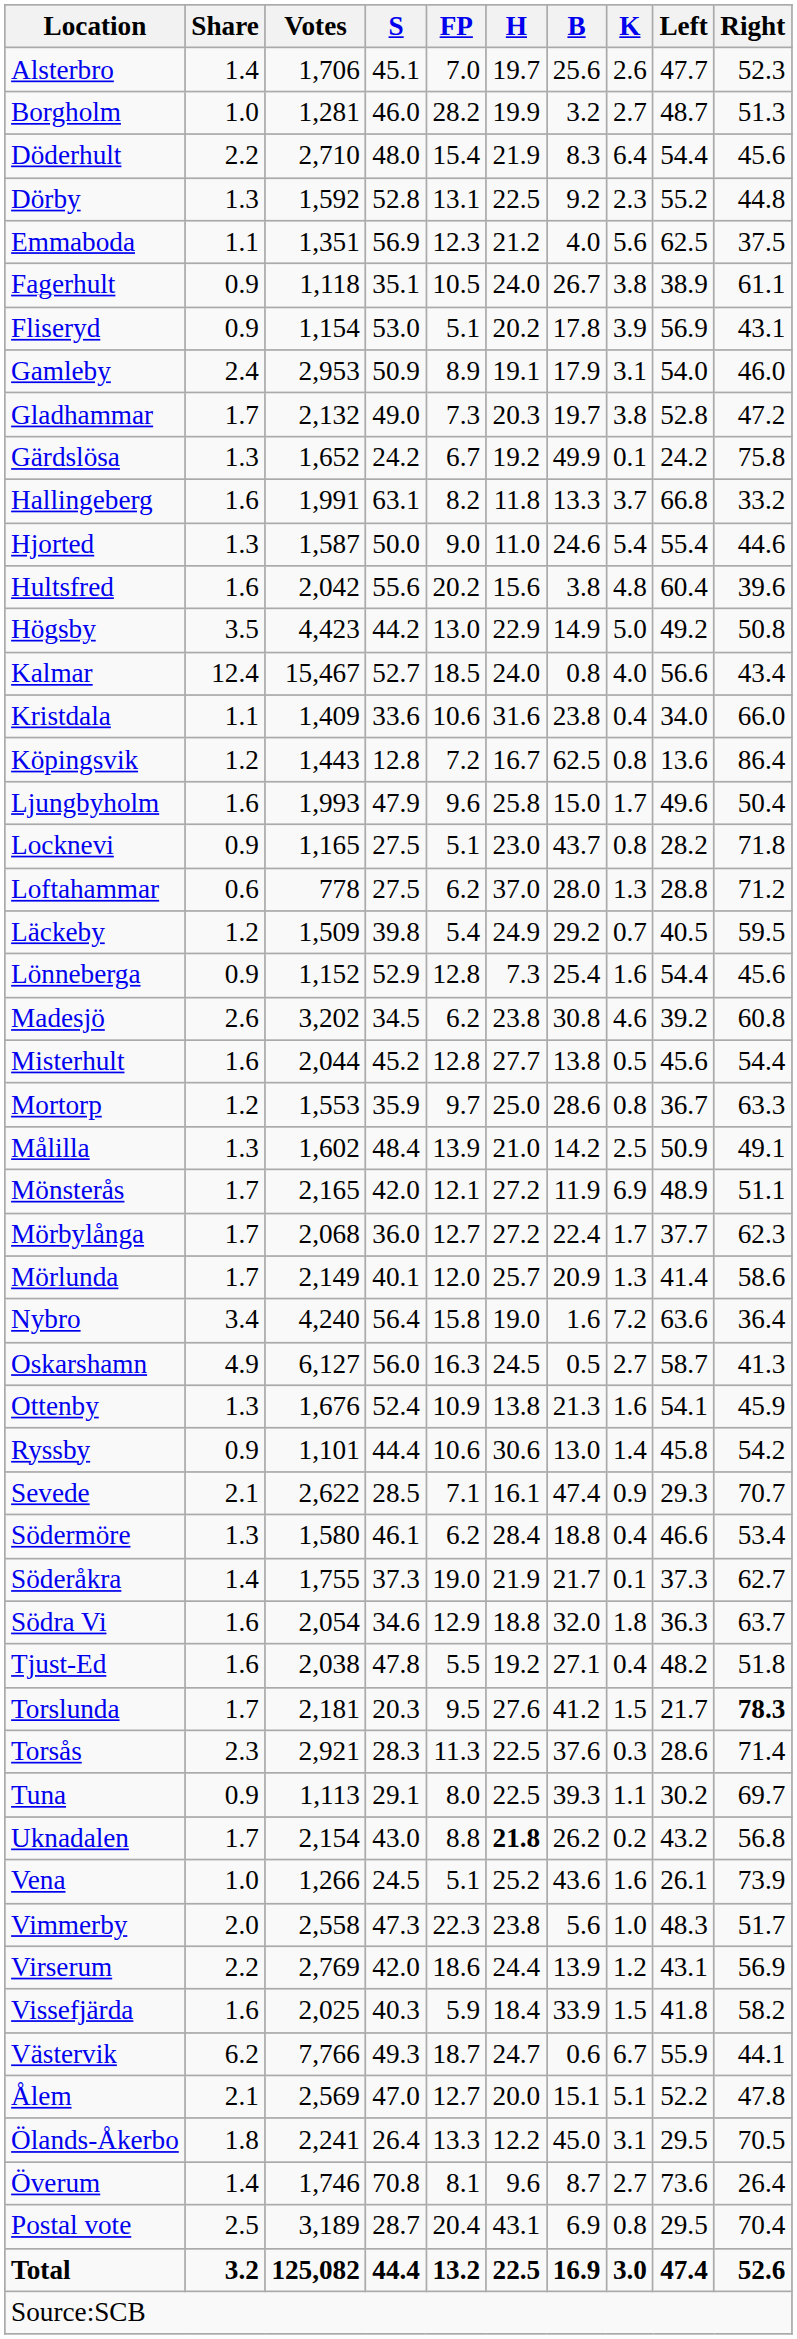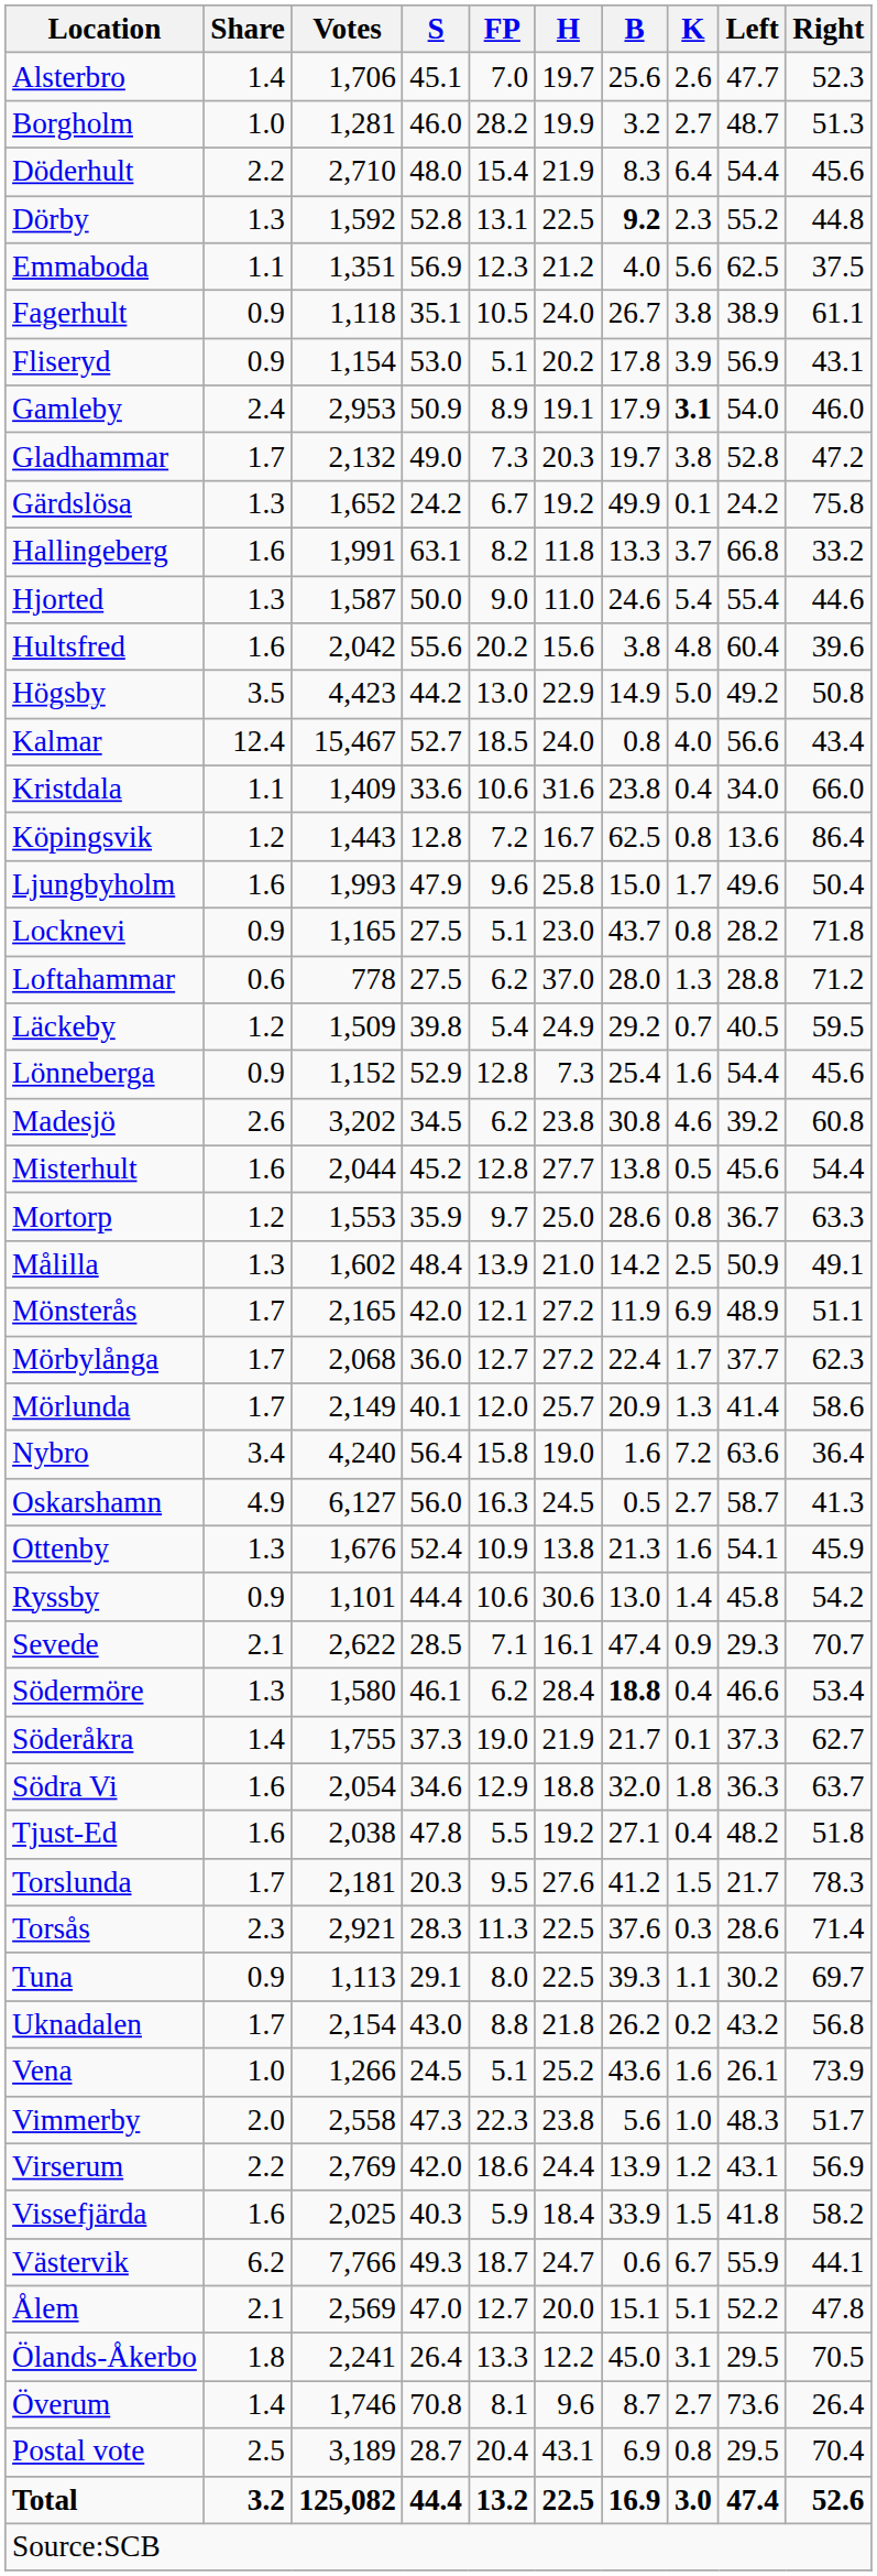 <table class="wikitable sortable" style=text-align:right>
 <tr>
 <th>Location</th>
 <th>Share</th>
 <th>Votes</th>
 <th><a href='#'>S</a></th>
 <th><a href='#'>FP</a></th>
 <th><a href='#'>H</a></th>
 <th><a href='#'>B</a></th>
 <th><a href='#'>K</a></th>
 <th>Left</th>
 <th>Right</th>
 </tr>
 <tr>
 <td align=left><a href='#'>Alsterbro</a></td>
 <td>1.4</td>
 <td>1,706</td>
 <td>45.1</td>
 <td>7.0</td>
 <td>19.7</td>
 <td>25.6</td>
 <td>2.6</td>
 <td>47.7</td>
 <td>52.3</td>
 </tr>
 <tr>
 <td align=left><a href='#'>Borgholm</a></td>
 <td>1.0</td>
 <td>1,281</td>
 <td>46.0</td>
 <td>28.2</td>
 <td>19.9</td>
 <td>3.2</td>
 <td>2.7</td>
 <td>48.7</td>
 <td>51.3</td>
 </tr>
 <tr>
 <td align=left><a href='#'>Döderhult</a></td>
 <td>2.2</td>
 <td>2,710</td>
 <td>48.0</td>
 <td>15.4</td>
 <td>21.9</td>
 <td>8.3</td>
 <td>6.4</td>
 <td>54.4</td>
 <td>45.6</td>
 </tr>
 <tr>
 <td align=left><a href='#'>Dörby</a></td>
 <td>1.3</td>
 <td>1,592</td>
 <td>52.8</td>
 <td>13.1</td>
 <td>22.5</td>
-<td>9.2</td>
+<td><strong>9.2</strong></td>
 <td>2.3</td>
 <td>55.2</td>
 <td>44.8</td>
 </tr>
 <tr>
 <td align=left><a href='#'>Emmaboda</a></td>
 <td>1.1</td>
 <td>1,351</td>
 <td>56.9</td>
 <td>12.3</td>
 <td>21.2</td>
 <td>4.0</td>
 <td>5.6</td>
 <td>62.5</td>
 <td>37.5</td>
 </tr>
 <tr>
 <td align=left><a href='#'>Fagerhult</a></td>
 <td>0.9</td>
 <td>1,118</td>
 <td>35.1</td>
 <td>10.5</td>
 <td>24.0</td>
 <td>26.7</td>
 <td>3.8</td>
 <td>38.9</td>
 <td>61.1</td>
 </tr>
 <tr>
 <td align=left><a href='#'>Fliseryd</a></td>
 <td>0.9</td>
 <td>1,154</td>
 <td>53.0</td>
 <td>5.1</td>
 <td>20.2</td>
 <td>17.8</td>
 <td>3.9</td>
 <td>56.9</td>
 <td>43.1</td>
 </tr>
 <tr>
 <td align=left><a href='#'>Gamleby</a></td>
 <td>2.4</td>
 <td>2,953</td>
 <td>50.9</td>
 <td>8.9</td>
 <td>19.1</td>
 <td>17.9</td>
-<td>3.1</td>
+<td><strong>3.1</strong></td>
 <td>54.0</td>
 <td>46.0</td>
 </tr>
 <tr>
 <td align=left><a href='#'>Gladhammar</a></td>
 <td>1.7</td>
 <td>2,132</td>
 <td>49.0</td>
 <td>7.3</td>
 <td>20.3</td>
 <td>19.7</td>
 <td>3.8</td>
 <td>52.8</td>
 <td>47.2</td>
 </tr>
 <tr>
 <td align=left><a href='#'>Gärdslösa</a></td>
 <td>1.3</td>
 <td>1,652</td>
 <td>24.2</td>
 <td>6.7</td>
 <td>19.2</td>
 <td>49.9</td>
 <td>0.1</td>
 <td>24.2</td>
 <td>75.8</td>
 </tr>
 <tr>
 <td align=left><a href='#'>Hallingeberg</a></td>
 <td>1.6</td>
 <td>1,991</td>
 <td>63.1</td>
 <td>8.2</td>
 <td>11.8</td>
 <td>13.3</td>
 <td>3.7</td>
 <td>66.8</td>
 <td>33.2</td>
 </tr>
 <tr>
 <td align=left><a href='#'>Hjorted</a></td>
 <td>1.3</td>
 <td>1,587</td>
 <td>50.0</td>
 <td>9.0</td>
 <td>11.0</td>
 <td>24.6</td>
 <td>5.4</td>
 <td>55.4</td>
 <td>44.6</td>
 </tr>
 <tr>
 <td align=left><a href='#'>Hultsfred</a></td>
 <td>1.6</td>
 <td>2,042</td>
 <td>55.6</td>
 <td>20.2</td>
 <td>15.6</td>
 <td>3.8</td>
 <td>4.8</td>
 <td>60.4</td>
 <td>39.6</td>
 </tr>
 <tr>
 <td align=left><a href='#'>Högsby</a></td>
 <td>3.5</td>
 <td>4,423</td>
 <td>44.2</td>
 <td>13.0</td>
 <td>22.9</td>
 <td>14.9</td>
 <td>5.0</td>
 <td>49.2</td>
 <td>50.8</td>
 </tr>
 <tr>
 <td align=left><a href='#'>Kalmar</a></td>
 <td>12.4</td>
 <td>15,467</td>
 <td>52.7</td>
 <td>18.5</td>
 <td>24.0</td>
 <td>0.8</td>
 <td>4.0</td>
 <td>56.6</td>
 <td>43.4</td>
 </tr>
 <tr>
 <td align=left><a href='#'>Kristdala</a></td>
 <td>1.1</td>
 <td>1,409</td>
 <td>33.6</td>
 <td>10.6</td>
 <td>31.6</td>
 <td>23.8</td>
 <td>0.4</td>
 <td>34.0</td>
 <td>66.0</td>
 </tr>
 <tr>
 <td align=left><a href='#'>Köpingsvik</a></td>
 <td>1.2</td>
 <td>1,443</td>
 <td>12.8</td>
 <td>7.2</td>
 <td>16.7</td>
 <td>62.5</td>
 <td>0.8</td>
 <td>13.6</td>
 <td>86.4</td>
 </tr>
 <tr>
 <td align=left><a href='#'>Ljungbyholm</a></td>
 <td>1.6</td>
 <td>1,993</td>
 <td>47.9</td>
 <td>9.6</td>
 <td>25.8</td>
 <td>15.0</td>
 <td>1.7</td>
 <td>49.6</td>
 <td>50.4</td>
 </tr>
 <tr>
 <td align=left><a href='#'>Locknevi</a></td>
 <td>0.9</td>
 <td>1,165</td>
 <td>27.5</td>
 <td>5.1</td>
 <td>23.0</td>
 <td>43.7</td>
 <td>0.8</td>
 <td>28.2</td>
 <td>71.8</td>
 </tr>
 <tr>
 <td align=left><a href='#'>Loftahammar</a></td>
 <td>0.6</td>
 <td>778</td>
 <td>27.5</td>
 <td>6.2</td>
 <td>37.0</td>
 <td>28.0</td>
 <td>1.3</td>
 <td>28.8</td>
 <td>71.2</td>
 </tr>
 <tr>
 <td align=left><a href='#'>Läckeby</a></td>
 <td>1.2</td>
 <td>1,509</td>
 <td>39.8</td>
 <td>5.4</td>
 <td>24.9</td>
 <td>29.2</td>
 <td>0.7</td>
 <td>40.5</td>
 <td>59.5</td>
 </tr>
 <tr>
 <td align=left><a href='#'>Lönneberga</a></td>
 <td>0.9</td>
 <td>1,152</td>
 <td>52.9</td>
 <td>12.8</td>
 <td>7.3</td>
 <td>25.4</td>
 <td>1.6</td>
 <td>54.4</td>
 <td>45.6</td>
 </tr>
 <tr>
 <td align=left><a href='#'>Madesjö</a></td>
 <td>2.6</td>
 <td>3,202</td>
 <td>34.5</td>
 <td>6.2</td>
 <td>23.8</td>
 <td>30.8</td>
 <td>4.6</td>
 <td>39.2</td>
 <td>60.8</td>
 </tr>
 <tr>
 <td align=left><a href='#'>Misterhult</a></td>
 <td>1.6</td>
 <td>2,044</td>
 <td>45.2</td>
 <td>12.8</td>
 <td>27.7</td>
 <td>13.8</td>
 <td>0.5</td>
 <td>45.6</td>
 <td>54.4</td>
 </tr>
 <tr>
 <td align=left><a href='#'>Mortorp</a></td>
 <td>1.2</td>
 <td>1,553</td>
 <td>35.9</td>
 <td>9.7</td>
 <td>25.0</td>
 <td>28.6</td>
 <td>0.8</td>
 <td>36.7</td>
 <td>63.3</td>
 </tr>
 <tr>
 <td align=left><a href='#'>Målilla</a></td>
 <td>1.3</td>
 <td>1,602</td>
 <td>48.4</td>
 <td>13.9</td>
 <td>21.0</td>
 <td>14.2</td>
 <td>2.5</td>
 <td>50.9</td>
 <td>49.1</td>
 </tr>
 <tr>
 <td align=left><a href='#'>Mönsterås</a></td>
 <td>1.7</td>
 <td>2,165</td>
 <td>42.0</td>
 <td>12.1</td>
 <td>27.2</td>
 <td>11.9</td>
 <td>6.9</td>
 <td>48.9</td>
 <td>51.1</td>
 </tr>
 <tr>
 <td align=left><a href='#'>Mörbylånga</a></td>
 <td>1.7</td>
 <td>2,068</td>
 <td>36.0</td>
 <td>12.7</td>
 <td>27.2</td>
 <td>22.4</td>
 <td>1.7</td>
 <td>37.7</td>
 <td>62.3</td>
 </tr>
 <tr>
 <td align=left><a href='#'>Mörlunda</a></td>
 <td>1.7</td>
 <td>2,149</td>
 <td>40.1</td>
 <td>12.0</td>
 <td>25.7</td>
 <td>20.9</td>
 <td>1.3</td>
 <td>41.4</td>
 <td>58.6</td>
 </tr>
 <tr>
 <td align=left><a href='#'>Nybro</a></td>
 <td>3.4</td>
 <td>4,240</td>
 <td>56.4</td>
 <td>15.8</td>
 <td>19.0</td>
 <td>1.6</td>
 <td>7.2</td>
 <td>63.6</td>
 <td>36.4</td>
 </tr>
 <tr>
 <td align=left><a href='#'>Oskarshamn</a></td>
 <td>4.9</td>
 <td>6,127</td>
 <td>56.0</td>
 <td>16.3</td>
 <td>24.5</td>
 <td>0.5</td>
 <td>2.7</td>
 <td>58.7</td>
 <td>41.3</td>
 </tr>
 <tr>
 <td align=left><a href='#'>Ottenby</a></td>
 <td>1.3</td>
 <td>1,676</td>
 <td>52.4</td>
 <td>10.9</td>
 <td>13.8</td>
 <td>21.3</td>
 <td>1.6</td>
 <td>54.1</td>
 <td>45.9</td>
 </tr>
 <tr>
 <td align=left><a href='#'>Ryssby</a></td>
 <td>0.9</td>
 <td>1,101</td>
 <td>44.4</td>
 <td>10.6</td>
 <td>30.6</td>
 <td>13.0</td>
 <td>1.4</td>
 <td>45.8</td>
 <td>54.2</td>
 </tr>
 <tr>
 <td align=left><a href='#'>Sevede</a></td>
 <td>2.1</td>
 <td>2,622</td>
 <td>28.5</td>
 <td>7.1</td>
 <td>16.1</td>
 <td>47.4</td>
 <td>0.9</td>
 <td>29.3</td>
 <td>70.7</td>
 </tr>
 <tr>
 <td align=left><a href='#'>Södermöre</a></td>
 <td>1.3</td>
 <td>1,580</td>
 <td>46.1</td>
 <td>6.2</td>
 <td>28.4</td>
-<td>18.8</td>
+<td><strong>18.8</strong></td>
 <td>0.4</td>
 <td>46.6</td>
 <td>53.4</td>
 </tr>
 <tr>
 <td align=left><a href='#'>Söderåkra</a></td>
 <td>1.4</td>
 <td>1,755</td>
 <td>37.3</td>
 <td>19.0</td>
 <td>21.9</td>
 <td>21.7</td>
 <td>0.1</td>
 <td>37.3</td>
 <td>62.7</td>
 </tr>
 <tr>
 <td align=left><a href='#'>Södra Vi</a></td>
 <td>1.6</td>
 <td>2,054</td>
 <td>34.6</td>
 <td>12.9</td>
 <td>18.8</td>
 <td>32.0</td>
 <td>1.8</td>
 <td>36.3</td>
 <td>63.7</td>
 </tr>
 <tr>
 <td align=left><a href='#'>Tjust-Ed</a></td>
 <td>1.6</td>
 <td>2,038</td>
 <td>47.8</td>
 <td>5.5</td>
 <td>19.2</td>
 <td>27.1</td>
 <td>0.4</td>
 <td>48.2</td>
 <td>51.8</td>
 </tr>
 <tr>
 <td align=left><a href='#'>Torslunda</a></td>
 <td>1.7</td>
 <td>2,181</td>
 <td>20.3</td>
 <td>9.5</td>
 <td>27.6</td>
 <td>41.2</td>
 <td>1.5</td>
 <td>21.7</td>
-<td><strong>78.3</strong></td>
+<td>78.3</td>
 </tr>
 <tr>
 <td align=left><a href='#'>Torsås</a></td>
 <td>2.3</td>
 <td>2,921</td>
 <td>28.3</td>
 <td>11.3</td>
 <td>22.5</td>
 <td>37.6</td>
 <td>0.3</td>
 <td>28.6</td>
 <td>71.4</td>
 </tr>
 <tr>
 <td align=left><a href='#'>Tuna</a></td>
 <td>0.9</td>
 <td>1,113</td>
 <td>29.1</td>
 <td>8.0</td>
 <td>22.5</td>
 <td>39.3</td>
 <td>1.1</td>
 <td>30.2</td>
 <td>69.7</td>
 </tr>
 <tr>
 <td align=left><a href='#'>Uknadalen</a></td>
 <td>1.7</td>
 <td>2,154</td>
 <td>43.0</td>
 <td>8.8</td>
-<td><strong>21.8</strong></td>
+<td>21.8</td>
 <td>26.2</td>
 <td>0.2</td>
 <td>43.2</td>
 <td>56.8</td>
 </tr>
 <tr>
 <td align=left><a href='#'>Vena</a></td>
 <td>1.0</td>
 <td>1,266</td>
 <td>24.5</td>
 <td>5.1</td>
 <td>25.2</td>
 <td>43.6</td>
 <td>1.6</td>
 <td>26.1</td>
 <td>73.9</td>
 </tr>
 <tr>
 <td align=left><a href='#'>Vimmerby</a></td>
 <td>2.0</td>
 <td>2,558</td>
 <td>47.3</td>
 <td>22.3</td>
 <td>23.8</td>
 <td>5.6</td>
 <td>1.0</td>
 <td>48.3</td>
 <td>51.7</td>
 </tr>
 <tr>
 <td align=left><a href='#'>Virserum</a></td>
 <td>2.2</td>
 <td>2,769</td>
 <td>42.0</td>
 <td>18.6</td>
 <td>24.4</td>
 <td>13.9</td>
 <td>1.2</td>
 <td>43.1</td>
 <td>56.9</td>
 </tr>
 <tr>
 <td align=left><a href='#'>Vissefjärda</a></td>
 <td>1.6</td>
 <td>2,025</td>
 <td>40.3</td>
 <td>5.9</td>
 <td>18.4</td>
 <td>33.9</td>
 <td>1.5</td>
 <td>41.8</td>
 <td>58.2</td>
 </tr>
 <tr>
 <td align=left><a href='#'>Västervik</a></td>
 <td>6.2</td>
 <td>7,766</td>
 <td>49.3</td>
 <td>18.7</td>
 <td>24.7</td>
 <td>0.6</td>
 <td>6.7</td>
 <td>55.9</td>
 <td>44.1</td>
 </tr>
 <tr>
 <td align=left><a href='#'>Ålem</a></td>
 <td>2.1</td>
 <td>2,569</td>
 <td>47.0</td>
 <td>12.7</td>
 <td>20.0</td>
 <td>15.1</td>
 <td>5.1</td>
 <td>52.2</td>
 <td>47.8</td>
 </tr>
 <tr>
 <td align=left><a href='#'>Ölands-Åkerbo</a></td>
 <td>1.8</td>
 <td>2,241</td>
 <td>26.4</td>
 <td>13.3</td>
 <td>12.2</td>
 <td>45.0</td>
 <td>3.1</td>
 <td>29.5</td>
 <td>70.5</td>
 </tr>
 <tr>
 <td align=left><a href='#'>Överum</a></td>
 <td>1.4</td>
 <td>1,746</td>
 <td>70.8</td>
 <td>8.1</td>
 <td>9.6</td>
 <td>8.7</td>
 <td>2.7</td>
 <td>73.6</td>
 <td>26.4</td>
 </tr>
 <tr>
 <td align=left><a href='#'>Postal vote</a></td>
 <td>2.5</td>
 <td>3,189</td>
 <td>28.7</td>
 <td>20.4</td>
 <td>43.1</td>
 <td>6.9</td>
 <td>0.8</td>
 <td>29.5</td>
 <td>70.4</td>
 </tr>
 <tr>
 <td align=left><strong>Total</strong></td>
 <td><strong>3.2</strong></td>
 <td><strong>125,082</strong></td>
 <td><strong>44.4</strong></td>
 <td><strong>13.2</strong></td>
 <td><strong>22.5</strong></td>
 <td><strong>16.9</strong></td>
 <td><strong>3.0</strong></td>
 <td><strong>47.4</strong></td>
 <td><strong>52.6</strong></td>
 </tr>
 <tr>
 <td align=left colspan=10>Source:SCB </td>
 </tr>
 </table>
